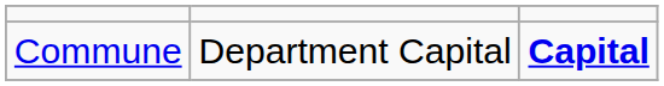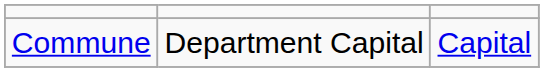 <table class="wikitable">
 <tr valign="bottom">
 <td></td>
 <td></td>
 <td></td>
 </tr>
 <tr>
 <td><a href='#'>Commune</a></td>
 <td>Department Capital</td>
-<td><strong><a href='#'>Capital</a></strong></td>
+<td><a href='#'>Capital</a></td>
 </tr>
 </table>
